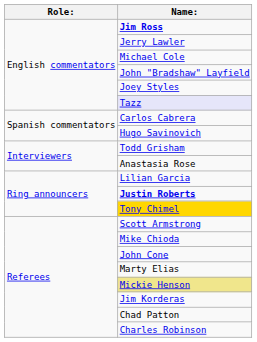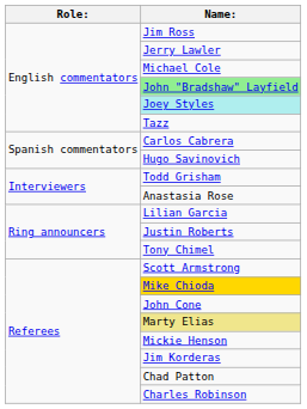 <table class="wikitable" style="float:right; border:1px; font-size:90%; margin-left:1em;">
 <tr>
 <th>Role:</th>
 <th>Name:</th>
 </tr>
 <tr>
 <td rowspan="6">English <a href='#'>commentators</a></td>
-<td><strong><a href='#'>Jim Ross</a> </strong></td>
+<td><a href='#'>Jim Ross</a> </td>
 </tr>
 <tr>
 <td><a href='#'>Jerry Lawler</a> </td>
 </tr>
 <tr>
 <td><a href='#'>Michael Cole</a> </td>
 </tr>
 <tr>
-<td><a href='#'>John "Bradshaw" Layfield</a> </td>
+<td style="background: lightgreen;"><a href='#'>John "Bradshaw" Layfield</a> </td>
 </tr>
 <tr>
-<td><a href='#'>Joey Styles</a> </td>
+<td style="background: paleturquoise;"><a href='#'>Joey Styles</a> </td>
 </tr>
 <tr>
-<td style="background: lavender;"><a href='#'>Tazz</a> </td>
+<td><a href='#'>Tazz</a> </td>
 </tr>
 <tr>
 <td rowspan=2>Spanish commentators</td>
 <td><a href='#'>Carlos Cabrera</a></td>
 </tr>
 <tr>
 <td><a href='#'>Hugo Savinovich</a></td>
 </tr>
 <tr>
 <td rowspan="2"><a href='#'>Interviewers</a></td>
 <td><a href='#'>Todd Grisham</a></td>
 </tr>
 <tr>
 <td>Anastasia Rose</td>
 </tr>
 <tr>
 <td rowspan="3"><a href='#'>Ring announcers</a></td>
 <td><a href='#'>Lilian Garcia</a> </td>
 </tr>
 <tr>
-<td><strong><a href='#'>Justin Roberts</a> </strong></td>
+<td><a href='#'>Justin Roberts</a> </td>
 </tr>
 <tr>
-<td style="background: gold;"><a href='#'>Tony Chimel</a> </td>
+<td><a href='#'>Tony Chimel</a> </td>
 </tr>
 <tr>
 <td rowspan="8"><a href='#'>Referees</a></td>
 <td><a href='#'>Scott Armstrong</a> </td>
 </tr>
 <tr>
-<td><a href='#'>Mike Chioda</a> </td>
+<td style="background: gold;"><a href='#'>Mike Chioda</a> </td>
 </tr>
 <tr>
 <td><a href='#'>John Cone</a> </td>
 </tr>
 <tr>
-<td>Marty Elias </td>
+<td style="background: khaki;">Marty Elias </td>
 </tr>
 <tr>
-<td style="background: khaki;"><a href='#'>Mickie Henson</a> </td>
+<td><a href='#'>Mickie Henson</a> </td>
 </tr>
 <tr>
 <td><a href='#'>Jim Korderas</a> </td>
 </tr>
 <tr>
 <td>Chad Patton </td>
 </tr>
 <tr>
 <td><a href='#'>Charles Robinson</a> </td>
 </tr>
 </table>
